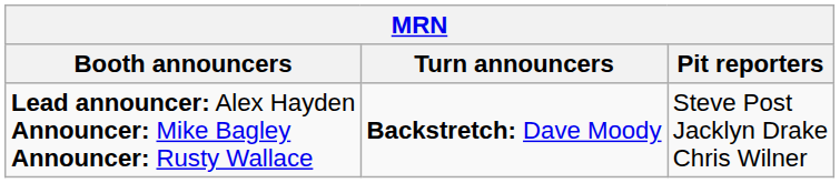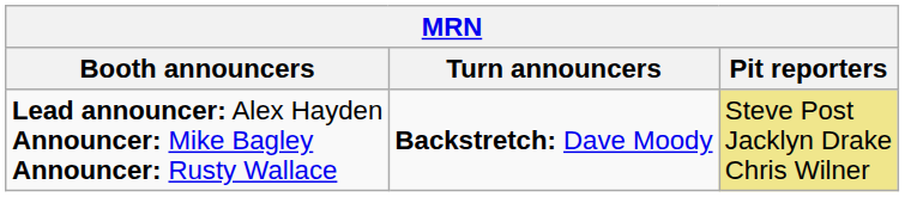 <table class="wikitable" style="font-size: 95%;">
 <tr>
 <th colspan="3"><a href='#'>MRN</a></th>
 </tr>
 <tr>
 <th>Booth announcers</th>
 <th>Turn announcers</th>
 <th>Pit reporters</th>
 </tr>
 <tr>
 <td><strong>Lead announcer:</strong> Alex Hayden<br><strong>Announcer:</strong> <a href='#'>Mike Bagley</a><br><strong>Announcer:</strong> <a href='#'>Rusty Wallace</a></td>
 <td><strong>Backstretch:</strong> <a href='#'>Dave Moody</a></td>
-<td>Steve Post<br>Jacklyn Drake<br>Chris Wilner</td>
+<td style="background: khaki;">Steve Post<br>Jacklyn Drake<br>Chris Wilner</td>
 </tr>
 </table>
